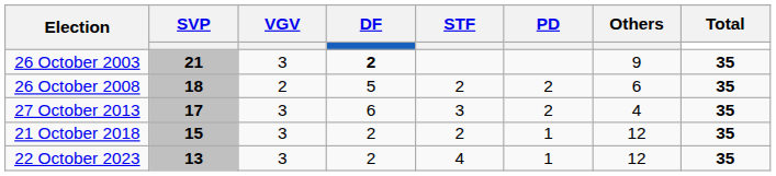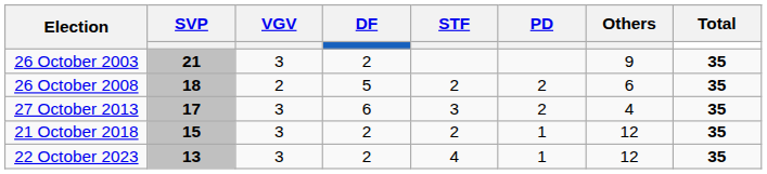 <table class="wikitable" style="text-align:center;font-size:85%;line-height:13px">
 <tr style="height:30px; background-color:#E9E9E9">
 <th style="width:110px;" rowspan="2">Election</th>
 <th style="width:65px;"><a href='#'>SVP</a></th>
 <th style="width:65px;"><a href='#'>VGV</a></th>
 <th style="width:65px;"><a href='#'>DF</a></th>
 <th style="width:65px;"><a href='#'>STF</a></th>
 <th style="width:65px;"><a href='#'>PD</a></th>
 <th style="width:65px;">Others</th>
 <th style="width:65px;">Total</th>
 </tr>
 <tr>
 <th style="color:inherit;background:"></th>
 <th style="color:inherit;background:"></th>
 <th style="color:inherit;background:#1560BD;"></th>
 <th style="color:inherit;background:"></th>
 <th style="color:inherit;background:"></th>
 <th style="color:inherit;background:"></th>
 <th style="color:inherit;background:white;"></th>
 </tr>
 <tr>
 <td><a href='#'>26 October 2003</a></td>
 <td style="background:#C0C0C0"><strong>21</strong></td>
 <td>3</td>
-<td><strong>2</strong></td>
+<td>2</td>
 <td></td>
 <td></td>
 <td>9</td>
 <td><strong>35</strong></td>
 </tr>
 <tr>
 <td><a href='#'>26 October 2008</a></td>
 <td style="background:#C0C0C0"><strong>18</strong></td>
 <td>2</td>
 <td>5</td>
 <td>2</td>
 <td>2</td>
 <td>6</td>
 <td><strong>35</strong></td>
 </tr>
 <tr>
 <td><a href='#'>27 October 2013</a></td>
 <td style="background:#C0C0C0"><strong>17</strong></td>
 <td>3</td>
 <td>6</td>
 <td>3</td>
 <td>2</td>
 <td>4</td>
 <td><strong>35</strong></td>
 </tr>
 <tr>
 <td><a href='#'>21 October 2018</a></td>
 <td style="background:#C0C0C0"><strong>15</strong></td>
 <td>3</td>
 <td>2</td>
 <td>2</td>
 <td>1</td>
 <td>12</td>
 <td><strong>35</strong></td>
 </tr>
 <tr>
 <td><a href='#'>22 October 2023</a></td>
 <td style="background:#C0C0C0"><strong>13</strong></td>
 <td>3</td>
 <td>2</td>
 <td>4</td>
 <td>1</td>
 <td>12</td>
 <td><strong>35</strong></td>
 </tr>
 </table>
